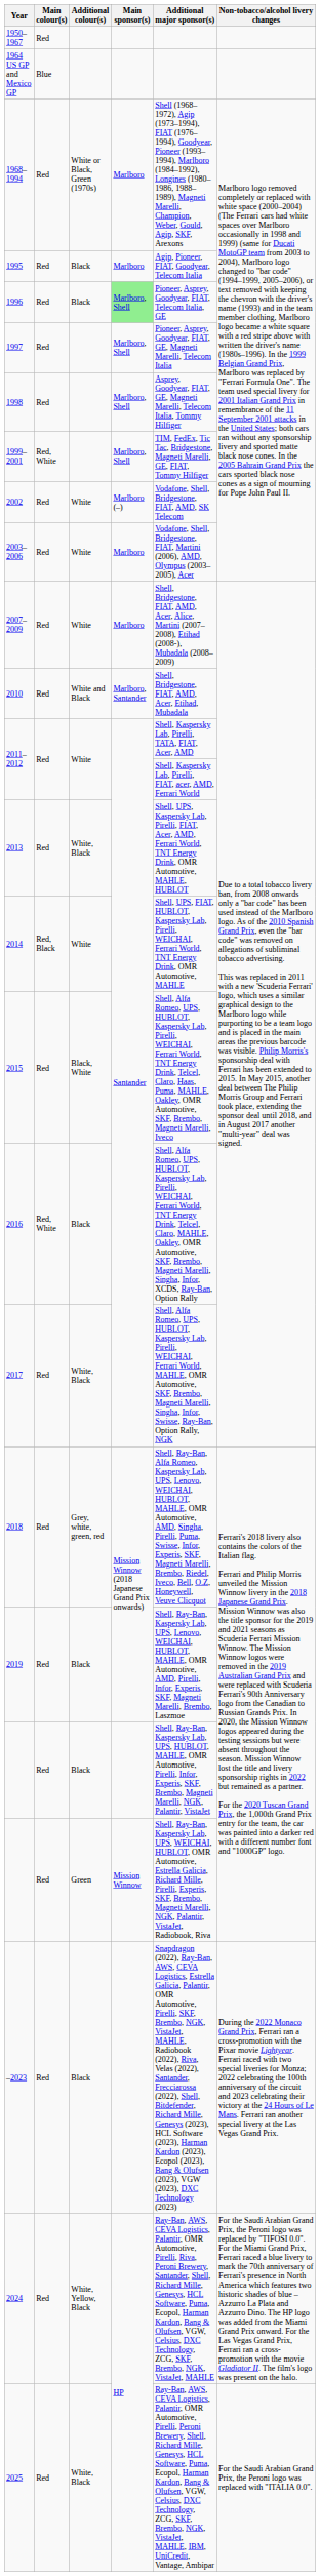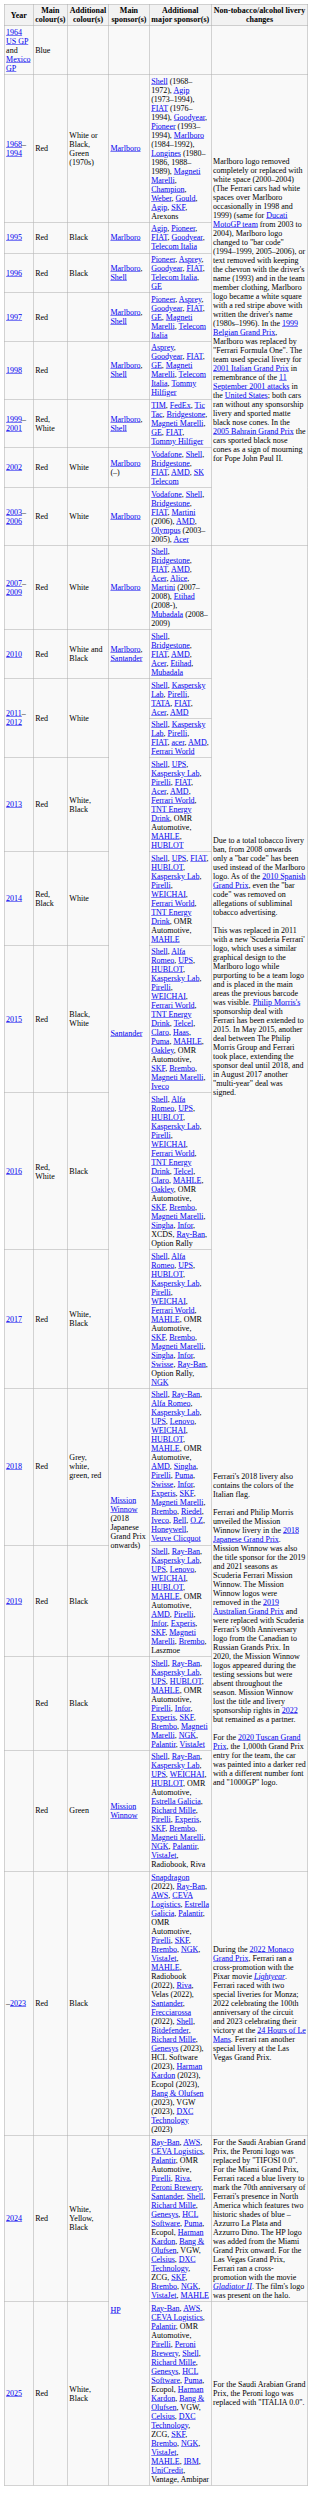 <table class="wikitable">
 <tr>
 <th>Year</th>
 <th>Main colour(s)</th>
 <th>Additional colour(s)</th>
 <th>Main sponsor(s)</th>
 <th>Additional major sponsor(s)</th>
 <th>Non-tobacco/alcohol livery changes</th>
-</tr>
-<tr>
-<td><a href='#'>1950</a>–<a href='#'>1967</a></td>
-<td>Red</td>
-<td></td>
-<td></td>
-<td></td>
-<td></td>
 </tr>
 <tr>
 <td><a href='#'>1964</a> <a href='#'>US GP</a> and <a href='#'>Mexico GP</a></td>
 <td>Blue</td>
 <td></td>
 <td></td>
 <td></td>
 <td></td>
 </tr>
 <tr>
 <td><a href='#'>1968</a>– <a href='#'>1994</a></td>
 <td>Red</td>
 <td>White or Black, Green (1970s)</td>
 <td><a href='#'>Marlboro</a></td>
 <td><a href='#'>Shell</a> (1968–1972), <a href='#'>Agip</a> (1973–1994), <a href='#'>FIAT</a> (1976–1994), <a href='#'>Goodyear</a>, <a href='#'>Pioneer</a> (1993–1994), <a href='#'>Marlboro</a> (1984–1992), <a href='#'>Longines</a> (1980–1986, 1988–1989), <a href='#'>Magneti Marelli</a>, <a href='#'>Champion</a>, <a href='#'>Weber</a>, <a href='#'>Gould</a>, <a href='#'>Agip</a>, <a href='#'>SKF</a>, Arexons</td>
 <td rowspan=8>Marlboro logo removed completely or replaced with white space (2000–2004) (The Ferrari cars had white spaces over Marlboro occasionally in 1998 and 1999) (same for <a href='#'>Ducati MotoGP team</a> from 2003 to 2004), Marlboro logo changed to "bar code" (1994–1999, 2005–2006), or text removed with keeping the chevron with the driver's name (1993) and in the team member clothing, Marlboro logo became a white square with a red stripe above with written the driver's name (1980s–1996). In the <a href='#'>1999 Belgian Grand Prix</a>, Marlboro was replaced by "Ferrari Formula One". The team used special livery for <a href='#'>2001 Italian Grand Prix</a> in remembrance of the <a href='#'>11 September 2001 attacks</a> in the <a href='#'>United States</a>; both cars ran without any sponsorship livery and sported matte black nose cones. In the <a href='#'>2005 Bahrain Grand Prix</a> the cars sported black nose cones as a sign of mourning for Pope John Paul II.</td>
 </tr>
 <tr>
 <td><a href='#'>1995</a></td>
 <td>Red</td>
 <td>Black</td>
 <td><a href='#'>Marlboro</a></td>
 <td><a href='#'>Agip</a>, <a href='#'>Pioneer</a>, <a href='#'>FIAT</a>, <a href='#'>Goodyear</a>, <a href='#'>Telecom Italia</a></td>
 </tr>
 <tr>
 <td><a href='#'>1996</a></td>
 <td>Red</td>
 <td>Black</td>
-<td style="background: lightgreen;"><a href='#'>Marlboro</a>, <a href='#'>Shell</a></td>
+<td><a href='#'>Marlboro</a>, <a href='#'>Shell</a></td>
 <td><a href='#'>Pioneer</a>, <a href='#'>Asprey</a>, <a href='#'>Goodyear</a>, <a href='#'>FIAT</a>, <a href='#'>Telecom Italia</a>, <a href='#'>GE</a></td>
 </tr>
 <tr>
 <td><a href='#'>1997</a></td>
 <td>Red</td>
 <td></td>
 <td><a href='#'>Marlboro</a>, <a href='#'>Shell</a></td>
 <td><a href='#'>Pioneer</a>, <a href='#'>Asprey</a>, <a href='#'>Goodyear</a>, <a href='#'>FIAT</a>, <a href='#'>GE</a>, <a href='#'>Magneti Marelli</a>, <a href='#'>Telecom Italia</a></td>
 </tr>
 <tr>
 <td><a href='#'>1998</a></td>
 <td>Red</td>
 <td></td>
 <td><a href='#'>Marlboro</a>, <a href='#'>Shell</a></td>
 <td><a href='#'>Asprey</a>, <a href='#'>Goodyear</a>, <a href='#'>FIAT</a>, <a href='#'>GE</a>, <a href='#'>Magneti Marelli</a>, <a href='#'>Telecom Italia</a>, <a href='#'>Tommy Hilfiger</a></td>
 </tr>
 <tr>
 <td><a href='#'>1999</a>–<a href='#'>2001</a></td>
 <td>Red, White</td>
 <td></td>
 <td><a href='#'>Marlboro</a>, <a href='#'>Shell</a></td>
 <td><a href='#'>TIM</a>, <a href='#'>FedEx</a>, <a href='#'>Tic Tac</a>, <a href='#'>Bridgestone</a>, <a href='#'>Magneti Marelli</a>, <a href='#'>GE</a>, <a href='#'>FIAT</a>, <a href='#'>Tommy Hilfiger</a></td>
 </tr>
 <tr>
 <td><a href='#'>2002</a></td>
 <td>Red</td>
 <td>White</td>
 <td><a href='#'>Marlboro</a> (–)</td>
 <td><a href='#'>Vodafone</a>, <a href='#'>Shell</a>, <a href='#'>Bridgestone</a>, <a href='#'>FIAT</a>, <a href='#'>AMD</a>, <a href='#'>SK Telecom</a></td>
 </tr>
 <tr>
 <td><a href='#'>2003</a>–<a href='#'>2006</a></td>
 <td>Red</td>
 <td>White</td>
 <td><a href='#'>Marlboro</a></td>
 <td><a href='#'>Vodafone</a>, <a href='#'>Shell</a>, <a href='#'>Bridgestone</a>, <a href='#'>FIAT</a>, <a href='#'>Martini</a> (2006), <a href='#'>AMD</a>, <a href='#'>Olympus</a> (2003–2005), <a href='#'>Acer</a></td>
 </tr>
 <tr>
 <td><a href='#'>2007</a>–<a href='#'>2009</a></td>
 <td>Red</td>
 <td>White</td>
 <td><a href='#'>Marlboro</a></td>
 <td><a href='#'>Shell</a>, <a href='#'>Bridgestone</a>, <a href='#'>FIAT</a>, <a href='#'>AMD</a>, <a href='#'>Acer</a>, <a href='#'>Alice</a>, <a href='#'>Martini</a> (2007–2008), <a href='#'>Etihad</a> (2008-), <a href='#'>Mubadala</a> (2008–2009)</td>
 <td rowspan=9>Due to a total tobacco livery ban, from 2008 onwards only a "bar code" has been used instead of the Marlboro logo. As of the <a href='#'>2010 Spanish Grand Prix</a>, even the "bar code" was removed on allegations of subliminal tobacco advertising. <br><br>This was replaced in 2011 with a new 'Scuderia Ferrari' logo, which uses a similar graphical design to the Marlboro logo while purporting to be a team logo and is placed in the main areas the previous barcode was visible. <a href='#'>Philip Morris's</a> sponsorship deal with Ferrari has been extended to 2015. In May 2015, another deal between The Philip Morris Group and Ferrari took place, extending the sponsor deal until 2018, and in August 2017 another "multi-year" deal was signed.</td>
 </tr>
 <tr>
 <td><a href='#'>2010</a></td>
 <td>Red</td>
 <td>White and Black</td>
 <td><a href='#'>Marlboro</a>, <a href='#'>Santander</a></td>
 <td><a href='#'>Shell</a>, <a href='#'>Bridgestone</a>, <a href='#'>FIAT</a>, <a href='#'>AMD</a>, <a href='#'>Acer</a>, <a href='#'>Etihad</a>, <a href='#'>Mubadala</a></td>
 </tr>
 <tr>
 <td rowspan=2><a href='#'>2011</a>–<a href='#'>2012</a></td>
 <td rowspan=2>Red</td>
 <td rowspan=2>White</td>
 <td rowspan=7><a href='#'>Santander</a></td>
 <td><a href='#'>Shell</a>, <a href='#'>Kaspersky Lab</a>, <a href='#'>Pirelli</a>, <a href='#'>TATA</a>, <a href='#'>FIAT</a>, <a href='#'>Acer</a>, <a href='#'>AMD</a></td>
 </tr>
 <tr>
 <td><a href='#'>Shell</a>, <a href='#'>Kaspersky Lab</a>, <a href='#'>Pirelli</a>, <a href='#'>FIAT</a>, <a href='#'>acer</a>, <a href='#'>AMD</a>, <a href='#'>Ferrari World</a></td>
 </tr>
 <tr>
 <td><a href='#'>2013</a></td>
 <td>Red</td>
 <td>White, Black</td>
 <td><a href='#'>Shell</a>, <a href='#'>UPS</a>, <a href='#'>Kaspersky Lab</a>, <a href='#'>Pirelli</a>, <a href='#'>FIAT</a>, <a href='#'>Acer</a>, <a href='#'>AMD</a>, <a href='#'>Ferrari World</a>, <a href='#'>TNT Energy Drink</a>, OMR Automotive, <a href='#'>MAHLE</a>, <a href='#'>HUBLOT</a></td>
 </tr>
 <tr>
 <td><a href='#'>2014</a></td>
 <td>Red, Black</td>
 <td>White</td>
 <td><a href='#'>Shell</a>, <a href='#'>UPS</a>, <a href='#'>FIAT</a>, <a href='#'>HUBLOT</a>, <a href='#'>Kaspersky Lab</a>, <a href='#'>Pirelli</a>, <a href='#'>WEICHAI</a>, <a href='#'>Ferrari World</a>, <a href='#'>TNT Energy Drink</a>, OMR Automotive, <a href='#'>MAHLE</a></td>
 </tr>
 <tr>
 <td><a href='#'>2015</a></td>
 <td>Red</td>
 <td>Black, White</td>
 <td><a href='#'>Shell</a>, <a href='#'>Alfa Romeo</a>, <a href='#'>UPS</a>, <a href='#'>HUBLOT</a>, <a href='#'>Kaspersky Lab</a>, <a href='#'>Pirelli</a>, <a href='#'>WEICHAI</a>, <a href='#'>Ferrari World</a>, <a href='#'>TNT Energy Drink</a>, <a href='#'>Telcel</a>, <a href='#'>Claro</a>, <a href='#'>Haas</a>, <a href='#'>Puma</a>, <a href='#'>MAHLE</a>, <a href='#'>Oakley</a>, OMR Automotive, <a href='#'>SKF</a>, <a href='#'>Brembo</a>, <a href='#'>Magneti Marelli</a>, <a href='#'>Iveco</a></td>
 </tr>
 <tr>
 <td><a href='#'>2016</a></td>
 <td>Red, White</td>
 <td>Black</td>
 <td><a href='#'>Shell</a>, <a href='#'>Alfa Romeo</a>, <a href='#'>UPS</a>, <a href='#'>HUBLOT</a>, <a href='#'>Kaspersky Lab</a>, <a href='#'>Pirelli</a>, <a href='#'>WEICHAI</a>, <a href='#'>Ferrari World</a>, <a href='#'>TNT Energy Drink</a>, <a href='#'>Telcel</a>, <a href='#'>Claro</a>, <a href='#'>MAHLE</a>, <a href='#'>Oakley</a>, OMR Automotive, <a href='#'>SKF</a>, <a href='#'>Brembo</a>, <a href='#'>Magneti Marelli</a>, <a href='#'>Singha</a>, <a href='#'>Infor</a>, XCDS, <a href='#'>Ray-Ban</a>, Option Rally</td>
 </tr>
 <tr>
 <td><a href='#'>2017</a></td>
 <td>Red</td>
 <td>White, Black</td>
 <td><a href='#'>Shell</a>, <a href='#'>Alfa Romeo</a>, <a href='#'>UPS</a>, <a href='#'>HUBLOT</a>, <a href='#'>Kaspersky Lab</a>, <a href='#'>Pirelli</a>, <a href='#'>WEICHAI</a>, <a href='#'>Ferrari World</a>, <a href='#'>MAHLE</a>, OMR Automotive, <a href='#'>SKF</a>, <a href='#'>Brembo</a>, <a href='#'>Magneti Marelli</a>, <a href='#'>Singha</a>, <a href='#'>Infor</a>, <a href='#'>Swisse</a>, <a href='#'>Ray-Ban</a>, Option Rally, <a href='#'>NGK</a></td>
 </tr>
 <tr>
 <td><a href='#'>2018</a></td>
 <td>Red</td>
 <td>Grey, white, green, red</td>
 <td rowspan=2><a href='#'>Mission Winnow</a> (2018 Japanese Grand Prix onwards)</td>
 <td><a href='#'>Shell</a>, <a href='#'>Ray-Ban</a>, <a href='#'>Alfa Romeo</a>, <a href='#'>Kaspersky Lab</a>, <a href='#'>UPS</a>, <a href='#'>Lenovo</a>, <a href='#'>WEICHAI</a>, <a href='#'>HUBLOT</a>, <a href='#'>MAHLE</a>, OMR Automotive, <a href='#'>AMD</a>, <a href='#'>Singha</a>, <a href='#'>Pirelli</a>, <a href='#'>Puma</a>, <a href='#'>Swisse</a>, <a href='#'>Infor</a>, <a href='#'>Experis</a>, <a href='#'>SKF</a>, <a href='#'>Magneti Marelli</a>, <a href='#'>Brembo</a>, <a href='#'>Riedel</a>, <a href='#'>Iveco</a>, <a href='#'>Bell</a>, <a href='#'>O.Z</a>, <a href='#'>Honeywell</a>, <a href='#'>Veuve Clicquot</a></td>
 <td rowspan="4">Ferrari's 2018 livery also contains the colors of the Italian flag.<br><br>Ferrari and Philip Morris unveiled the Mission Winnow livery in the <a href='#'>2018 Japanese Grand Prix</a>. Mission Winnow was also the title sponsor for the 2019 and 2021 seasons as Scuderia Ferrari Mission Winnow. The Mission Winnow logos were removed in the <a href='#'>2019 Australian Grand Prix</a> and were replaced with Scuderia Ferrari's 90th Anniversary logo from the Canadian to Russian Grands Prix. In 2020, the Mission Winnow logos appeared during the testing sessions but were absent throughout the season. Mission Winnow lost the title and livery sponsorship rights in <a href='#'>2022</a> but remained as a partner. <br><br>For the <a href='#'>2020 Tuscan Grand Prix</a>, the 1,000th Grand Prix entry for the team, the car was painted into a darker red with a different number font and "1000GP" logo.</td>
 </tr>
 <tr>
 <td><a href='#'>2019</a></td>
 <td>Red</td>
 <td>Black</td>
 <td><a href='#'>Shell</a>, <a href='#'>Ray-Ban</a>, <a href='#'>Kaspersky Lab</a>, <a href='#'>UPS</a>, <a href='#'>Lenovo</a>, <a href='#'>WEICHAI</a>, <a href='#'>HUBLOT</a>, <a href='#'>MAHLE</a>, OMR Automotive, <a href='#'>AMD</a>, <a href='#'>Pirelli</a>, <a href='#'>Infor</a>, <a href='#'>Experis</a>, <a href='#'>SKF</a>, <a href='#'>Magneti Marelli</a>, <a href='#'>Brembo</a>, Laszmoe</td>
 </tr>
 <tr>
 <td></td>
 <td>Red</td>
 <td>Black</td>
 <td></td>
 <td><a href='#'>Shell</a>, <a href='#'>Ray-Ban</a>, <a href='#'>Kaspersky Lab</a>, <a href='#'>UPS</a>, <a href='#'>HUBLOT</a>, <a href='#'>MAHLE</a>, OMR Automotive, <a href='#'>Pirelli</a>, <a href='#'>Infor</a>, <a href='#'>Experis</a>, <a href='#'>SKF</a>, <a href='#'>Brembo</a>, <a href='#'>Magneti Marelli</a>, <a href='#'>NGK</a>, <a href='#'>Palantir</a>, <a href='#'>VistaJet</a></td>
 </tr>
 <tr>
 <td></td>
 <td>Red</td>
 <td>Green</td>
 <td><a href='#'>Mission Winnow</a></td>
 <td><a href='#'>Shell</a>, <a href='#'>Ray-Ban</a>, <a href='#'>Kaspersky Lab</a>, <a href='#'>UPS</a>, <a href='#'>WEICHAI</a>, <a href='#'>HUBLOT</a>, OMR Automotive, <a href='#'>Estrella Galicia</a>, <a href='#'>Richard Mille</a>, <a href='#'>Pirelli</a>, <a href='#'>Experis</a>, <a href='#'>SKF</a>, <a href='#'>Brembo</a>, <a href='#'>Magneti Marelli</a>, <a href='#'>NGK</a>, <a href='#'>Palantir</a>, <a href='#'>VistaJet</a>, Radiobook, Riva</td>
 </tr>
 <tr>
 <td>–<a href='#'>2023</a></td>
 <td>Red</td>
 <td>Black</td>
 <td></td>
 <td><a href='#'>Snapdragon</a> (2022), <a href='#'>Ray-Ban</a>, <a href='#'>AWS</a>, <a href='#'>CEVA Logistics</a>, <a href='#'>Estrella Galicia</a>, <a href='#'>Palantir</a>, OMR Automotive, <a href='#'>Pirelli</a>, <a href='#'>SKF</a>, <a href='#'>Brembo</a>, <a href='#'>NGK</a>, <a href='#'>VistaJet</a>, <a href='#'>MAHLE</a>, Radiobook (2022), <a href='#'>Riva</a>, Velas (2022), <a href='#'>Santander</a>, <a href='#'>Frecciarossa</a> (2022), <a href='#'>Shell</a>, <a href='#'>Bitdefender</a>, <a href='#'>Richard Mille</a>, <a href='#'>Genesys</a> (2023), HCL Software (2023), <a href='#'>Harman Kardon</a> (2023), Ecopol (2023), <a href='#'>Bang & Olufsen</a> (2023), VGW (2023), <a href='#'>DXC Technology</a> (2023)</td>
 <td>During the <a href='#'>2022 Monaco Grand Prix</a>, Ferrari ran a cross-promotion with the Pixar movie <em><a href='#'>Lightyear</a></em>.<br>Ferrari raced with two special liveries for Monza; 2022 celebrating the 100th anniversary of the circuit and 2023 celebrating their victory at the <a href='#'>24 Hours of Le Mans</a>. Ferrari ran another special livery at the Las Vegas Grand Prix.</td>
 </tr>
 <tr>
 <td><a href='#'>2024</a></td>
 <td>Red</td>
 <td>White, Yellow, Black</td>
 <td rowspan=2><a href='#'>HP</a></td>
 <td><a href='#'>Ray-Ban</a>, <a href='#'>AWS</a>, <a href='#'>CEVA Logistics</a>, <a href='#'>Palantir</a>, OMR Automotive, <a href='#'>Pirelli</a>, <a href='#'>Riva</a>, <a href='#'>Peroni Brewery</a>, <a href='#'>Santander</a>, <a href='#'>Shell</a>, <a href='#'>Richard Mille</a>, <a href='#'>Genesys</a>, <a href='#'>HCL Software</a>, <a href='#'>Puma</a>, Ecopol, <a href='#'>Harman Kardon</a>, <a href='#'>Bang & Olufsen</a>, VGW, <a href='#'>Celsius</a>, <a href='#'>DXC Technology</a>, ZCG, <a href='#'>SKF</a>, <a href='#'>Brembo</a>, <a href='#'>NGK</a>, <a href='#'>VistaJet</a>, <a href='#'>MAHLE</a></td>
 <td>For the Saudi Arabian Grand Prix, the Peroni logo was replaced by "TIFOSI 0.0". For the Miami Grand Prix, Ferrari raced a blue livery to mark the 70th anniversary of Ferrari's presence in North America which features two historic shades of blue – Azzurro La Plata and Azzurro Dino. The HP logo was added from the Miami Grand Prix onward. For the Las Vegas Grand Prix, Ferrari ran a cross-promotion with the movie <em><a href='#'>Gladiator II</a></em>. The film's logo was present on the halo.</td>
 </tr>
 <tr>
 <td><a href='#'>2025</a></td>
 <td>Red</td>
 <td>White, Black</td>
 <td><a href='#'>Ray-Ban</a>, <a href='#'>AWS</a>, <a href='#'>CEVA Logistics</a>, <a href='#'>Palantir</a>, OMR Automotive, <a href='#'>Pirelli</a>, <a href='#'>Peroni Brewery</a>, <a href='#'>Shell</a>, <a href='#'>Richard Mille</a>, <a href='#'>Genesys</a>, <a href='#'>HCL Software</a>, <a href='#'>Puma</a>, Ecopol, <a href='#'>Harman Kardon</a>, <a href='#'>Bang & Olufsen</a>, VGW, <a href='#'>Celsius</a>, <a href='#'>DXC Technology</a>, ZCG, <a href='#'>SKF</a>, <a href='#'>Brembo</a>, <a href='#'>NGK</a>, <a href='#'>VistaJet</a>, <a href='#'>MAHLE</a>, <a href='#'>IBM</a>, <a href='#'>UniCredit</a>, Vantage, Ambipar</td>
 <td>For the Saudi Arabian Grand Prix, the Peroni logo was replaced with "ITALIA 0.0".</td>
 </tr>
 </table>
